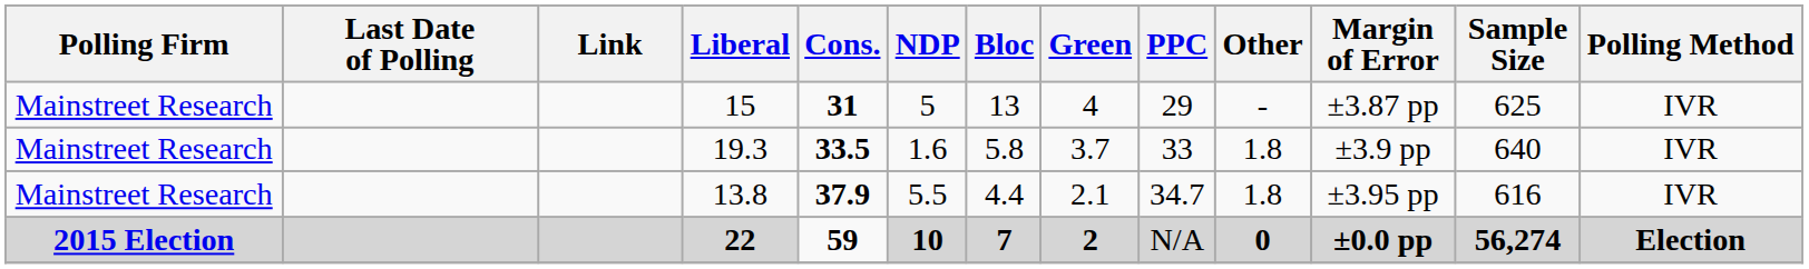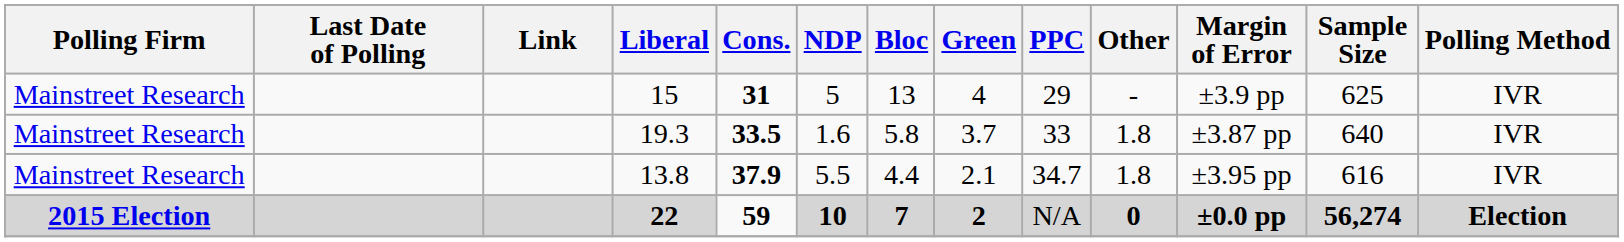 <table class="wikitable sortable" style="text-align:center;font-size:90%;line-height:14px;">
 <tr style="background:#e9e9e9;">
 <th style="width:120px">Polling Firm</th>
 <th style="width:110px">Last Date<br>of Polling</th>
 <th style="width:60px" class="unsortable">Link</th>
 <th style="background-color:"><strong><a href='#'>Liberal</a></strong></th>
 <th style="background-color:"><strong><a href='#'>Cons.</a></strong></th>
 <th style="background-color:"><strong><a href='#'>NDP</a></strong></th>
 <th style="background-color:"><strong><a href='#'>Bloc</a></strong></th>
 <th style="background-color:"><strong><a href='#'>Green</a></strong></th>
 <th style="background-color:"><strong><a href='#'>PPC</a></strong></th>
 <th style="background-color:"><strong>Other</strong></th>
 <th style="width:60px;" class=unsortable>Margin<br>of Error</th>
 <th style="width:50px;" class=unsortable>Sample<br>Size</th>
 <th class=unsortable>Polling Method</th>
 </tr>
 <tr>
 <td><a href='#'>Mainstreet Research</a></td>
 <td></td>
 <td></td>
 <td>15</td>
 <td><strong>31</strong></td>
 <td>5</td>
 <td>13</td>
 <td>4</td>
 <td>29</td>
 <td>-</td>
-<td>±3.87 pp</td>
+<td>±3.9 pp</td>
 <td>625</td>
 <td>IVR</td>
 </tr>
 <tr>
 <td><a href='#'>Mainstreet Research</a></td>
 <td></td>
 <td></td>
 <td>19.3</td>
 <td><strong>33.5</strong></td>
 <td>1.6</td>
 <td>5.8</td>
 <td>3.7</td>
 <td>33</td>
 <td>1.8</td>
-<td>±3.9 pp</td>
+<td>±3.87 pp</td>
 <td>640</td>
 <td>IVR</td>
 </tr>
 <tr>
 <td><a href='#'>Mainstreet Research</a></td>
 <td></td>
 <td></td>
 <td>13.8</td>
 <td><strong>37.9</strong></td>
 <td>5.5</td>
 <td>4.4</td>
 <td>2.1</td>
 <td>34.7</td>
 <td>1.8</td>
 <td>±3.95 pp</td>
 <td>616</td>
 <td>IVR</td>
 </tr>
 <tr>
 <td style="background:#D5D5D5"><strong><a href='#'>2015 Election</a></strong></td>
 <td style="background:#D5D5D5"><strong></strong></td>
 <td style="background:#D5D5D5"></td>
 <td style="background:#D5D5D5"><strong>22</strong></td>
 <td><strong>59</strong></td>
 <td style="background:#D5D5D5"><strong>10</strong></td>
 <td style="background:#D5D5D5"><strong>7</strong></td>
 <td style="background:#D5D5D5"><strong>2</strong></td>
 <td style="background:#D5D5D5">N/A</td>
 <td style="background:#D5D5D5"><strong>0</strong></td>
 <td style="background:#D5D5D5"><strong>±0.0 pp</strong></td>
 <td style="background:#D5D5D5"><strong>56,274</strong></td>
 <td style="background:#D5D5D5"><strong>Election</strong></td>
 </tr>
 <tr>
 </tr>
 <tr>
 </tr>
 </table>
